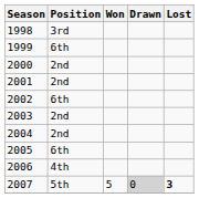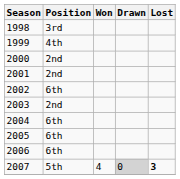 <table class="wikitable collapsible">
 <tr>
 <th>Season</th>
 <th>Position</th>
 <th>Won</th>
 <th>Drawn</th>
 <th>Lost</th>
 </tr>
 <tr>
 <td>1998</td>
 <td>3rd</td>
 <td></td>
 <td></td>
 <td></td>
 </tr>
 <tr>
 <td>1999</td>
-<td>6th</td>
+<td>4th</td>
 <td></td>
 <td></td>
 <td></td>
 </tr>
 <tr style="background-color:#">
 <td>2000</td>
 <td>2nd</td>
 <td></td>
 <td></td>
 <td></td>
 </tr>
 <tr style="background-color:#">
 <td>2001</td>
 <td>2nd</td>
 <td></td>
 <td></td>
 <td></td>
 </tr>
 <tr style="background-color:#">
 <td>2002</td>
 <td>6th</td>
 <td></td>
 <td></td>
 <td></td>
 </tr>
 <tr>
 <td>2003</td>
 <td>2nd</td>
 <td></td>
 <td></td>
 <td></td>
 </tr>
 <tr style="background-color:#">
 <td>2004</td>
-<td>2nd</td>
+<td>6th</td>
 <td></td>
 <td></td>
 <td></td>
 </tr>
 <tr>
 <td>2005</td>
 <td>6th</td>
 <td></td>
 <td></td>
 <td></td>
 </tr>
 <tr>
 <td>2006</td>
-<td>4th</td>
+<td>6th</td>
 <td></td>
 <td></td>
 <td></td>
 </tr>
 <tr>
 <td>2007</td>
 <td>5th</td>
-<td>5</td>
+<td>4</td>
 <td style="background: lightgrey;">0</td>
 <td><strong>3</strong></td>
 </tr>
 <tr>
 </tr>
 </table>
